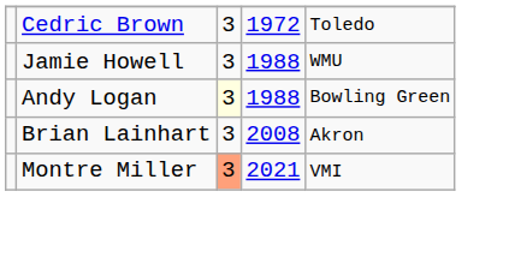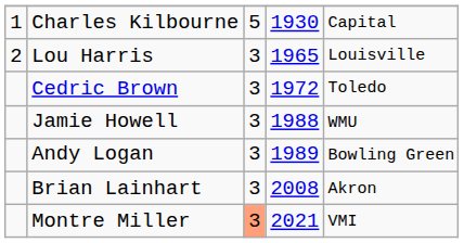 <table class="wikitable" style="display:inline-table;">
 <tr>
+</tr>
+<tr>
+<td>1</td>
+<td>Charles Kilbourne</td>
+<td>5</td>
+<td><a href='#'>1930</a></td>
+<td style="font-size:80%;">Capital</td>
+</tr>
+<tr>
+<td>2</td>
+<td>Lou Harris</td>
+<td>3</td>
+<td><a href='#'>1965</a></td>
+<td style="font-size:80%;">Louisville</td>
 </tr>
 <tr>
 <td></td>
 <td><a href='#'>Cedric Brown</a></td>
 <td>3</td>
 <td><a href='#'>1972</a></td>
 <td style="font-size:80%;">Toledo</td>
 </tr>
 <tr>
 <td></td>
 <td>Jamie Howell</td>
 <td>3</td>
 <td><a href='#'>1988</a></td>
 <td style="font-size:80%;">WMU</td>
 </tr>
 <tr>
 <td></td>
 <td>Andy Logan</td>
-<td style="background: lightyellow;">3</td>
-<td><a href='#'>1988</a></td>
+<td>3</td>
+<td><a href='#'>1989</a></td>
 <td style="font-size:80%;">Bowling Green</td>
 </tr>
 <tr>
 <td></td>
 <td>Brian Lainhart</td>
 <td>3</td>
 <td><a href='#'>2008</a></td>
 <td style="font-size:80%;">Akron</td>
 </tr>
 <tr>
 <td></td>
 <td>Montre Miller</td>
 <td style="background: lightsalmon;">3</td>
 <td><a href='#'>2021</a></td>
 <td style="font-size:80%;">VMI</td>
 </tr>
 </table>
